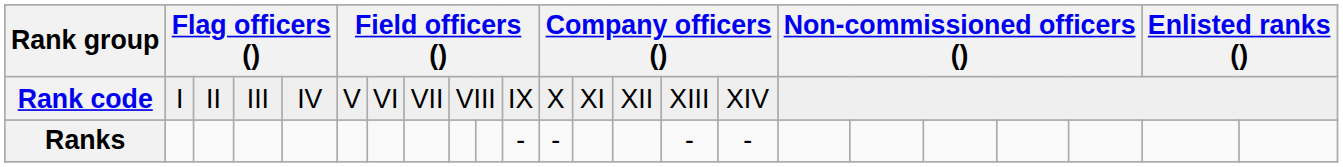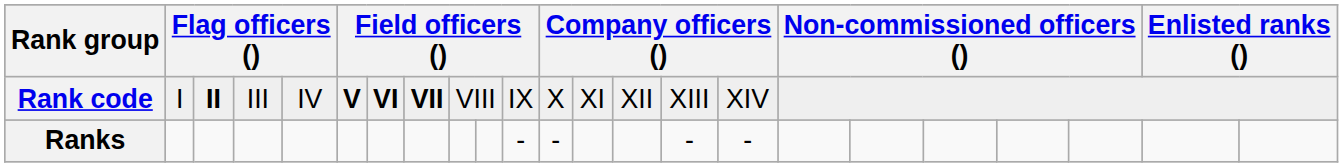 <table class="wikitable">
 <tr align="center" style="background:#cfcfcf;">
 <th>Rank group</th>
 <th colspan=4><a href='#'>Flag officers</a><br>()</th>
 <th colspan=6><a href='#'>Field officers</a><br>()</th>
 <th colspan=5><a href='#'>Company officers</a><br>()</th>
 <th colspan=5><a href='#'>Non-commissioned officers</a><br>()</th>
 <th colspan=2><a href='#'>Enlisted ranks</a><br>()</th>
 </tr>
 <tr style="background:#efefef;text-align:center;">
 <th colspan=1><a href='#'>Rank code</a></th>
 <td colspan=1>I</td>
-<td colspan=1>II</td>
+<td colspan=1><strong>II</strong></td>
 <td colspan=1>III</td>
 <td colspan=1>IV</td>
-<td colspan=1>V</td>
-<td colspan=1>VI</td>
-<td colspan=1>VII</td>
+<td colspan=1><strong>V</strong></td>
+<td colspan=1><strong>VI</strong></td>
+<td colspan=1><strong>VII</strong></td>
 <td colspan=2>VIII</td>
 <td colspan=1>IX</td>
 <td colspan=1>X</td>
 <td colspan=1>XI</td>
 <td colspan=1>XII</td>
 <td colspan=1>XIII</td>
 <td colspan=1>XIV</td>
 <td colspan=8></td>
 </tr>
 <tr align="center">
 <th>Ranks</th>
 <td><br></td>
 <td><br></td>
 <td><br></td>
 <td><br></td>
 <td><br></td>
 <td><br></td>
 <td><br></td>
 <td><br></td>
 <td><br></td>
 <td>-</td>
 <td>-</td>
 <td><br></td>
 <td><br></td>
 <td>-</td>
 <td>-</td>
 <td><br></td>
 <td><br></td>
 <td><br></td>
 <td><br></td>
 <td><br></td>
 <td><br></td>
 <td><br></td>
 </tr>
 </table>
